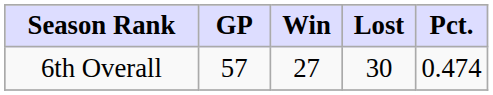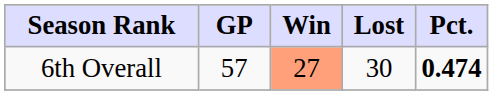 <table class="wikitable" border="1">
 <tr>
 <th style="background:#DDDDFF;" width="40%"><strong> Season Rank </strong></th>
 <th style="background:#DDDDFF;" width="15%"><strong> GP </strong></th>
 <th style="background:#DDDDFF;" width="15%"><strong> Win</strong></th>
 <th style="background:#DDDDFF;" width="15%"><strong> Lost </strong></th>
 <th style="background:#DDDDFF;" width="15%"><strong> Pct.</strong></th>
 </tr>
 <tr>
 <td align=center>6th Overall</td>
 <td align=center>57</td>
-<td align=center>27</td>
+<td align=center style="background: lightsalmon;">27</td>
 <td align=center>30</td>
-<td align=center>0.474</td>
+<td align=center><strong>0.474</strong></td>
 </tr>
 </table>
